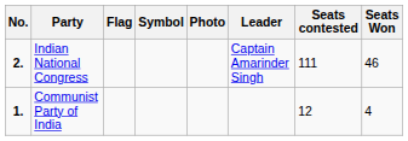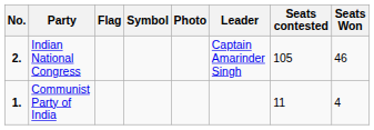 <table class="wikitable sortable" width="40%">
 <tr>
 <th>No.</th>
 <th>Party</th>
 <th>Flag</th>
 <th>Symbol</th>
 <th>Photo</th>
 <th>Leader</th>
 <th>Seats contested</th>
 <th>Seats Won</th>
 </tr>
 <tr>
 <td style="text-align:center; background:"><strong>2.</strong></td>
 <td><a href='#'>Indian National Congress</a></td>
 <td></td>
 <td></td>
 <td></td>
 <td><a href='#'>Captain Amarinder Singh</a></td>
-<td>111</td>
+<td>105</td>
 <td>46</td>
 </tr>
 <tr>
 <td style="text-align:center; background:"><strong>1.</strong></td>
 <td><a href='#'>Communist Party of India</a></td>
 <td></td>
 <td></td>
 <td></td>
 <td></td>
-<td>12</td>
+<td>11</td>
 <td>4</td>
 </tr>
 </table>
